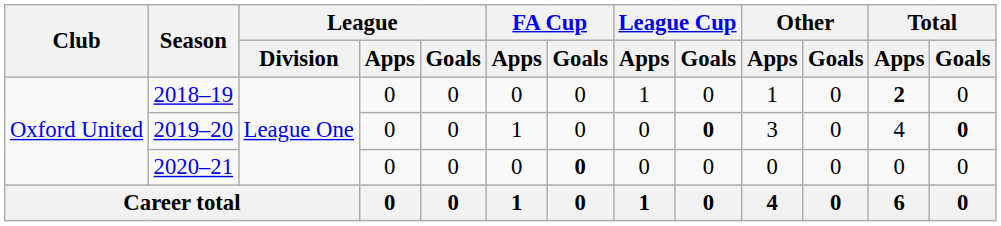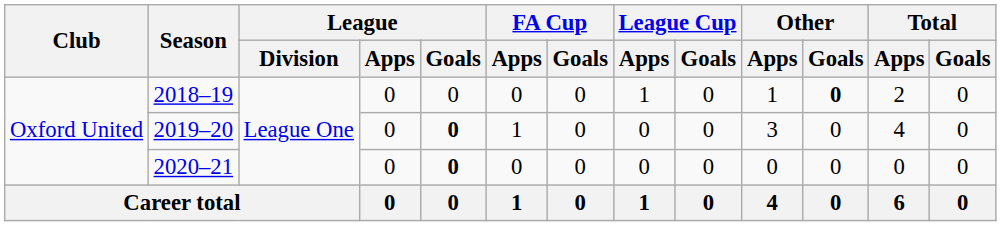 <table class=wikitable style=text-align:center>
 <tr>
 <th rowspan=2>Club</th>
 <th rowspan=2>Season</th>
 <th colspan=3>League</th>
 <th colspan=2><a href='#'>FA Cup</a></th>
 <th colspan=2><a href='#'>League Cup</a></th>
 <th colspan=2>Other</th>
 <th colspan=2>Total</th>
 </tr>
 <tr>
 <th>Division</th>
 <th>Apps</th>
 <th>Goals</th>
 <th>Apps</th>
 <th>Goals</th>
 <th>Apps</th>
 <th>Goals</th>
 <th>Apps</th>
 <th>Goals</th>
 <th>Apps</th>
 <th>Goals</th>
 </tr>
 <tr>
 <td rowspan="3"><a href='#'>Oxford United</a></td>
 <td><a href='#'>2018–19</a></td>
 <td rowspan="3"><a href='#'>League One</a></td>
 <td>0</td>
 <td>0</td>
 <td>0</td>
 <td>0</td>
 <td>1</td>
 <td>0</td>
 <td>1</td>
-<td>0</td>
-<td><strong>2</strong></td>
+<td><strong>0</strong></td>
+<td>2</td>
 <td>0</td>
 </tr>
 <tr>
 <td><a href='#'>2019–20</a></td>
 <td>0</td>
-<td>0</td>
+<td><strong>0</strong></td>
 <td>1</td>
 <td>0</td>
 <td>0</td>
-<td><strong>0</strong></td>
+<td>0</td>
 <td>3</td>
 <td>0</td>
 <td>4</td>
-<td><strong>0</strong></td>
+<td>0</td>
 </tr>
 <tr>
 <td><a href='#'>2020–21</a></td>
 <td>0</td>
+<td><strong>0</strong></td>
 <td>0</td>
 <td>0</td>
-<td><strong>0</strong></td>
 <td>0</td>
 <td>0</td>
 <td>0</td>
 <td>0</td>
 <td>0</td>
 <td>0</td>
 </tr>
 <tr>
 <th colspan=3>Career total</th>
 <th>0</th>
 <th>0</th>
 <th>1</th>
 <th>0</th>
 <th>1</th>
 <th>0</th>
 <th>4</th>
 <th>0</th>
 <th>6</th>
 <th>0</th>
 </tr>
 </table>
